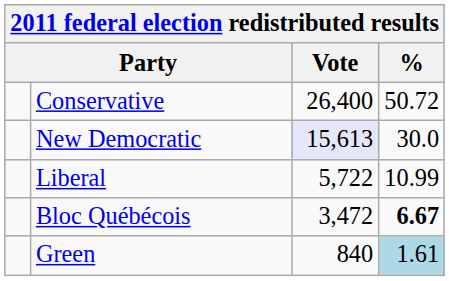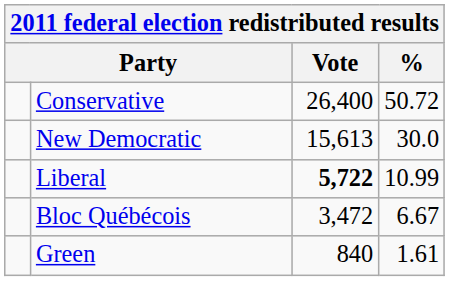 <table class="wikitable">
 <tr>
 <th colspan="4"><a href='#'>2011 federal election</a> redistributed results</th>
 </tr>
 <tr>
 <th bgcolor="#DDDDFF" width="130px" colspan="2">Party</th>
 <th bgcolor="#DDDDFF" width="50px">Vote</th>
 <th bgcolor="#DDDDFF" width="30px">%</th>
 </tr>
 <tr>
 <td> </td>
 <td><a href='#'>Conservative</a></td>
 <td align=right>26,400</td>
 <td align=right>50.72</td>
 </tr>
 <tr>
 <td> </td>
 <td><a href='#'>New Democratic</a></td>
-<td align=right style="background: lavender;">15,613</td>
+<td align=right>15,613</td>
 <td align=right>30.0</td>
 </tr>
 <tr>
 <td> </td>
 <td><a href='#'>Liberal</a></td>
-<td align=right>5,722</td>
+<td align=right><strong>5,722</strong></td>
 <td align=right>10.99</td>
 </tr>
 <tr>
 <td> </td>
 <td><a href='#'>Bloc Québécois</a></td>
 <td align=right>3,472</td>
-<td align=right><strong>6.67</strong></td>
+<td align=right>6.67</td>
 </tr>
 <tr>
 <td> </td>
 <td><a href='#'>Green</a></td>
 <td align=right>840</td>
-<td align=right style="background: lightblue;">1.61</td>
+<td align=right>1.61</td>
 </tr>
 </table>
